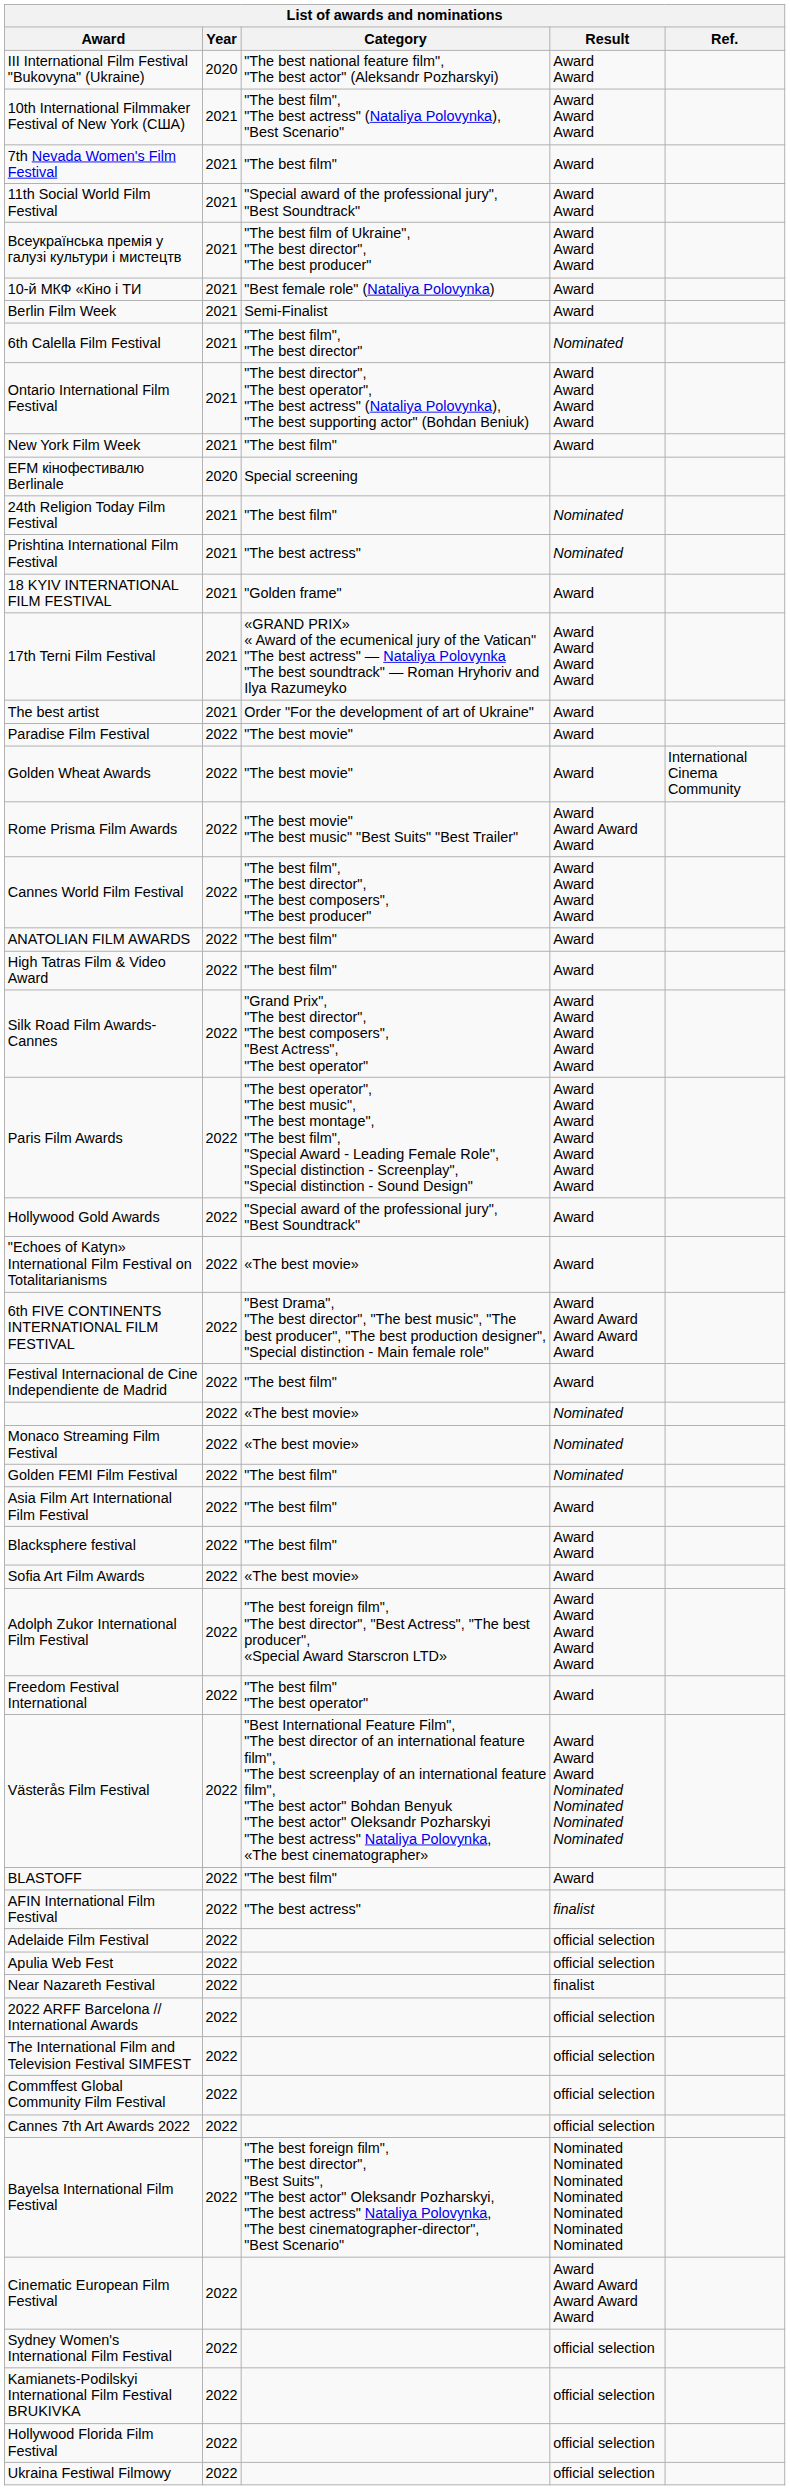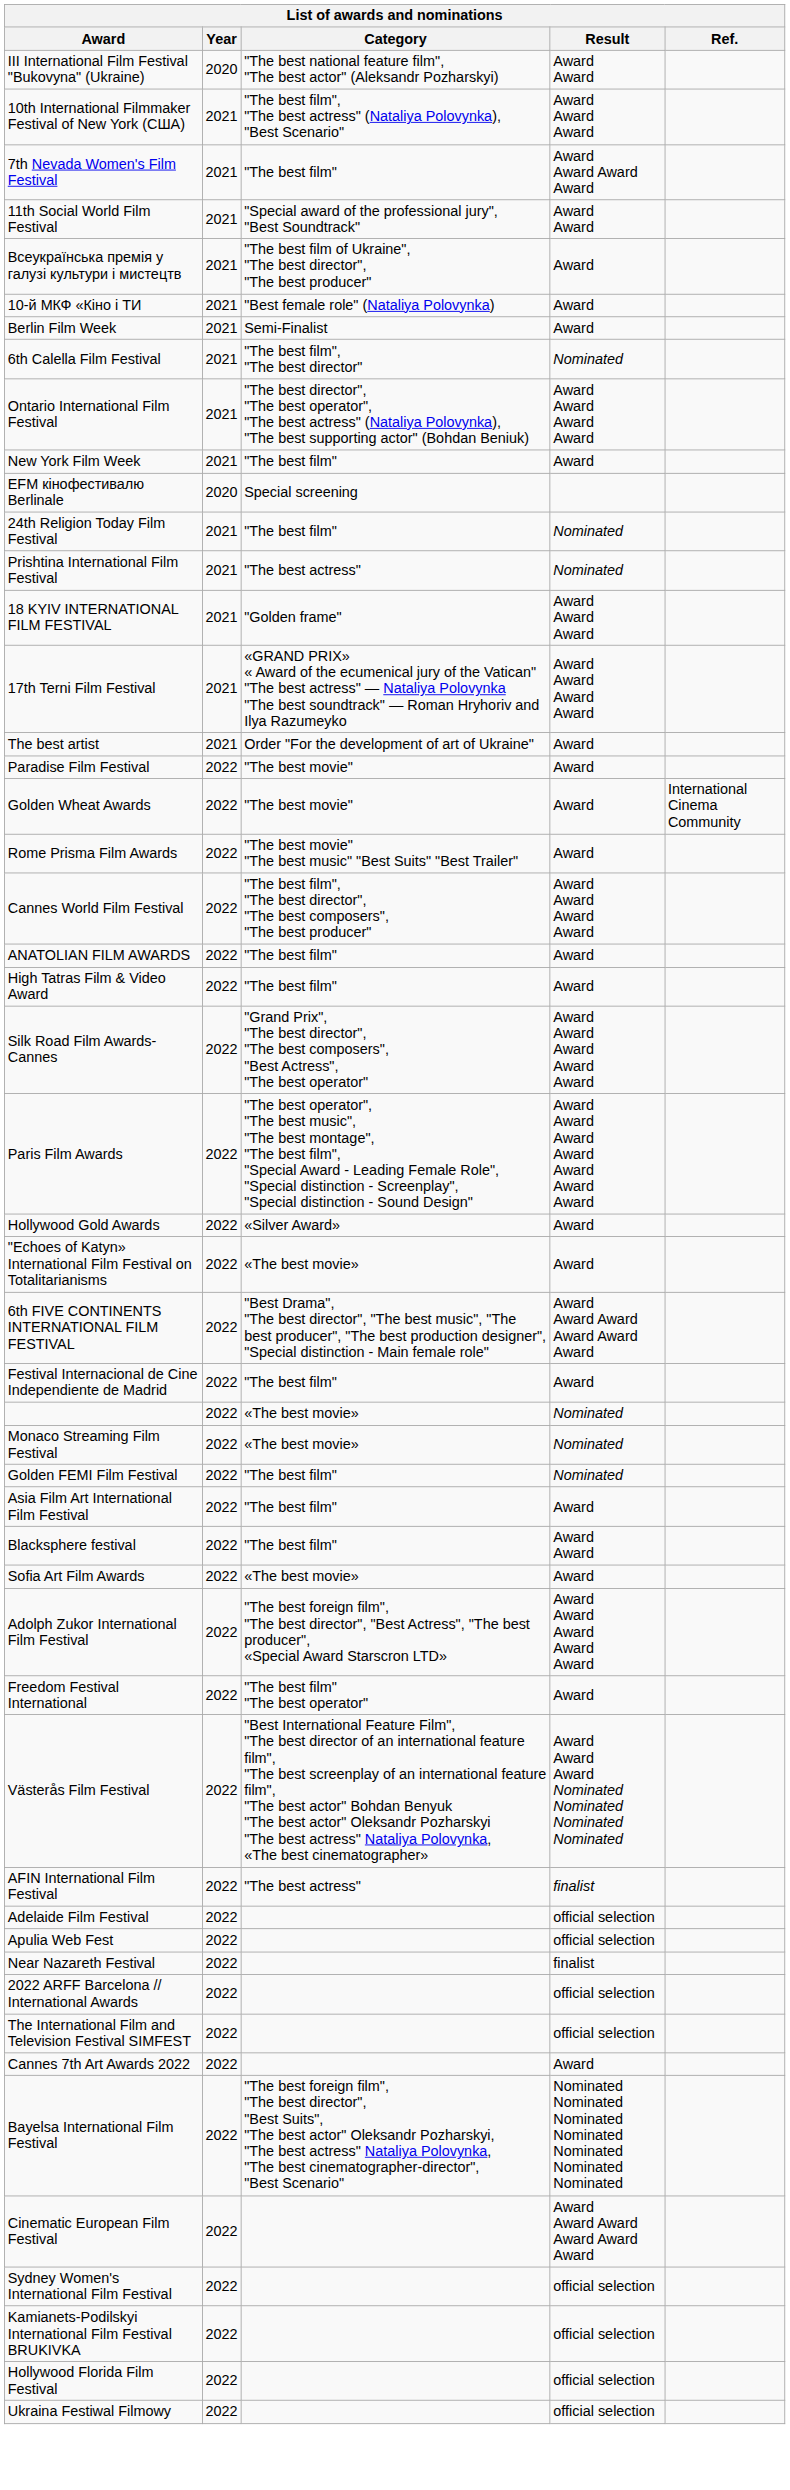 <table class="wikitable sortable">
 <tr>
 <th colspan="5">List of awards and nominations</th>
 </tr>
 <tr>
 <th>Award</th>
 <th>Year</th>
 <th>Category</th>
 <th>Result</th>
 <th>Ref.</th>
 </tr>
 <tr>
 <td>III International Film Festival "Bukovyna" (Ukraine)</td>
 <td>2020</td>
 <td>"The best national feature film",<br>"The best actor" (Aleksandr Pozharskyi)</td>
 <td>Award<br>Award</td>
 <td></td>
 </tr>
 <tr>
 <td>10th International Filmmaker Festival of New York (США)</td>
 <td>2021</td>
 <td>"The best film",<br>"The best actress" (<a href='#'>Nataliya Polovynka</a>),<br>"Best Scenario"</td>
 <td>Award<br>Award<br>Award</td>
 <td></td>
 </tr>
 <tr>
 <td>7th <a href='#'>Nevada Women's Film Festival</a></td>
 <td>2021</td>
 <td>"The best film"</td>
-<td>Award</td>
+<td>Award<br>Award Award Award</td>
 <td></td>
 </tr>
 <tr>
 <td>11th Social World Film Festival</td>
 <td>2021</td>
 <td>"Special award of the professional jury",<br>"Best Soundtrack"</td>
 <td>Award<br>Award</td>
 <td></td>
 </tr>
 <tr>
 <td>Всеукраїнська премія у галузі культури і мистецтв</td>
 <td>2021</td>
 <td>"The best film of Ukraine",<br>"The best director",<br>"The best producer"</td>
-<td>Award<br>Award<br>Award</td>
+<td>Award</td>
 <td></td>
 </tr>
 <tr>
 <td>10-й МКФ «Кіно і ТИ</td>
 <td>2021</td>
 <td>"Best female role" (<a href='#'>Nataliya Polovynka</a>)</td>
 <td>Award</td>
 <td></td>
 </tr>
 <tr>
 <td>Berlin Film Week</td>
 <td>2021</td>
 <td>Semi-Finalist</td>
 <td>Award</td>
 <td></td>
 </tr>
 <tr>
 <td>6th Calella Film Festival</td>
 <td>2021</td>
 <td>"The best film",<br>"The best director"</td>
 <td><em>Nominated</em></td>
 <td></td>
 </tr>
 <tr>
 <td>Ontario International Film Festival</td>
 <td>2021</td>
 <td>"The best director",<br>"The best operator",<br>"The best actress" (<a href='#'>Nataliya Polovynka</a>),<br>"The best supporting actor" (Bohdan Beniuk)</td>
 <td>Award<br>Award<br>Award<br>Award</td>
 <td></td>
 </tr>
 <tr>
 <td>New York Film Week</td>
 <td>2021</td>
 <td>"The best film"</td>
 <td>Award</td>
 <td></td>
 </tr>
 <tr>
 <td>EFM кінофестивалю Berlinale</td>
 <td>2020</td>
 <td>Special screening</td>
 <td></td>
 <td></td>
 </tr>
 <tr>
 <td>24th Religion Today Film Festival</td>
 <td>2021</td>
 <td>"The best film"</td>
 <td><em>Nominated</em></td>
 <td></td>
 </tr>
 <tr>
 <td>Prishtina International Film Festival</td>
 <td>2021</td>
 <td>"The best actress"</td>
 <td><em>Nominated</em></td>
 <td></td>
 </tr>
 <tr>
 <td 18th KINOLITOPYS>18 KYIV INTERNATIONAL FILM FESTIVAL</td>
 <td>2021</td>
 <td>"Golden frame"</td>
-<td>Award</td>
+<td>Award<br>Award<br>Award</td>
 <td></td>
 </tr>
 <tr>
 <td>17th Terni Film Festival</td>
 <td>2021</td>
 <td>«GRAND PRIX»<br>« Award of the ecumenical jury of the Vatican"<br>"The best actress" — <a href='#'>Nataliya Polovynka</a><br>"The best soundtrack" — Roman Hryhoriv and Ilya Razumeyko</td>
 <td>Award<br>Award<br>Award<br>Award</td>
 <td></td>
 </tr>
 <tr>
 <td>The best artist</td>
 <td>2021</td>
 <td>Order "For the development of art of Ukraine"</td>
 <td>Award</td>
 <td></td>
 </tr>
 <tr>
 <td>Paradise Film Festival</td>
 <td>2022</td>
 <td>"The best movie"</td>
 <td>Award</td>
 <td></td>
 </tr>
 <tr>
 <td>Golden Wheat Awards</td>
 <td>2022</td>
 <td>"The best movie"</td>
 <td>Award</td>
 <td>International Cinema Community</td>
 </tr>
 <tr>
 <td>Rome Prisma Film Awards</td>
 <td>2022</td>
 <td>"The best movie"<br>"The best music" "Best Suits" "Best Trailer"</td>
-<td>Award<br>Award Award Award</td>
+<td>Award</td>
 <td></td>
 </tr>
 <tr>
 <td>Cannes World Film Festival</td>
 <td>2022</td>
 <td>"The best film",<br>"The best director",<br>"The best composers",<br>"The best producer"</td>
 <td>Award<br>Award<br>Award<br>Award</td>
 <td></td>
 </tr>
 <tr>
 <td>ANATOLIAN FILM AWARDS</td>
 <td>2022</td>
 <td>"The best film"</td>
 <td>Award</td>
 <td></td>
 </tr>
 <tr>
 <td>High Tatras Film & Video Award</td>
 <td>2022</td>
 <td>"The best film"</td>
 <td>Award</td>
 <td></td>
 </tr>
 <tr>
 <td>Silk Road Film Awards-Cannes</td>
 <td>2022</td>
 <td>"Grand Prix",<br>"The best director",<br>"The best composers",<br>"Best Actress",<br>"The best operator"</td>
 <td>Award<br>Award<br>Award<br>Award<br>Award</td>
 <td></td>
 </tr>
 <tr>
 <td>Paris Film Awards</td>
 <td>2022</td>
 <td>"The best operator",<br>"The best music",<br>"The best montage",<br>"The best film",<br>"Special Award - Leading Female Role",<br>"Special distinction - Screenplay",<br>"Special distinction - Sound Design"</td>
 <td>Award<br>Award<br>Award<br>Award<br>Award<br>Award<br>Award</td>
 <td></td>
 </tr>
 <tr>
 <td>Hollywood Gold Awards</td>
 <td>2022</td>
-<td>"Special award of the professional jury",<br>"Best Soundtrack"</td>
+<td>«Silver Award»</td>
 <td>Award</td>
 <td></td>
 </tr>
 <tr>
 <td>"Echoes of Katyn» International Film Festival on Totalitarianisms</td>
 <td>2022</td>
 <td>«The best movie»</td>
 <td>Award</td>
 <td></td>
 </tr>
 <tr>
 <td>6th FIVE CONTINENTS INTERNATIONAL FILM FESTIVAL</td>
 <td>2022</td>
 <td>"Best Drama",<br>"The best director", "The best music", "The best producer", "The best production designer", "Special distinction - Main female role"</td>
 <td>Award<br>Award Award Award Award Award</td>
 <td></td>
 </tr>
 <tr>
 <td>Festival Internacional de Cine Independiente de Madrid</td>
 <td>2022</td>
 <td>"The best film"</td>
 <td>Award</td>
 <td></td>
 </tr>
 <tr>
 <td></td>
 <td>2022</td>
 <td>«The best movie»</td>
 <td><em>Nominated</em></td>
 <td></td>
 </tr>
 <tr>
 <td>Monaco Streaming Film Festival</td>
 <td>2022</td>
 <td>«The best movie»</td>
 <td><em>Nominated</em></td>
 <td></td>
 </tr>
 <tr>
 <td>Golden FEMI Film Festival</td>
 <td>2022</td>
 <td>"The best film"</td>
 <td><em>Nominated</em></td>
 <td></td>
 </tr>
 <tr>
 <td>Asia Film Art International Film Festival</td>
 <td>2022</td>
 <td>"The best film"</td>
 <td>Award</td>
 <td></td>
 </tr>
 <tr>
 <td>Blacksphere festival</td>
 <td>2022</td>
 <td>"The best film"</td>
 <td>Award<br>Award</td>
 <td></td>
 </tr>
 <tr>
 <td>Sofia Art Film Awards</td>
 <td>2022</td>
 <td>«The best movie»</td>
 <td>Award</td>
 <td></td>
 </tr>
 <tr>
 <td>Adolph Zukor International Film Festival</td>
 <td>2022</td>
 <td>"The best foreign film",<br>"The best director", "Best Actress", "The best producer",<br>«Special Award Starscron LTD»</td>
 <td>Award<br>Award<br>Award<br>Award<br>Award</td>
 <td></td>
 </tr>
 <tr>
 <td>Freedom Festival International</td>
 <td>2022</td>
 <td>"The best film"<br>"The best operator"</td>
 <td>Award</td>
 <td></td>
 </tr>
 <tr>
 <td>Västerås Film Festival</td>
 <td>2022</td>
 <td>"Best International Feature Film",<br>"The best director of an international feature film",<br>"The best screenplay of an international feature film",<br>"The best actor" Bohdan Benyuk<br>"The best actor" Oleksandr Pozharskyi<br>"The best actress" <a href='#'>Nataliya Polovynka</a>,<br>«The best cinematographer»</td>
 <td>Award<br>Award<br>Award<br><em>Nominated</em><br><em>Nominated</em><br><em>Nominated</em><br><em>Nominated</em></td>
 <td></td>
 </tr>
 <tr>
-<td>BLASTOFF</td>
-<td>2022</td>
-<td>"The best film"</td>
-<td>Award</td>
-<td></td>
-</tr>
-<tr>
 <td>AFIN International Film Festival</td>
 <td>2022</td>
 <td>"The best actress"</td>
 <td><em>finalist</em></td>
 <td></td>
 </tr>
 <tr>
 <td>Adelaide Film Festival</td>
 <td>2022</td>
 <td></td>
 <td>official selection</td>
 <td></td>
 </tr>
 <tr>
 <td>Apulia Web Fest</td>
 <td>2022</td>
 <td></td>
 <td>official selection</td>
 <td></td>
 </tr>
 <tr>
 <td>Near Nazareth Festival</td>
 <td>2022</td>
 <td></td>
 <td>finalist</td>
 <td></td>
 </tr>
 <tr>
 <td>2022 ARFF Barcelona // International Awards</td>
 <td>2022</td>
 <td></td>
 <td>official selection</td>
 <td></td>
 </tr>
 <tr>
 <td>The International Film and Television Festival SIMFEST</td>
 <td>2022</td>
 <td></td>
 <td>official selection</td>
 <td></td>
 </tr>
 <tr>
-<td>Commffest Global Community Film Festival</td>
-<td>2022</td>
-<td></td>
-<td>official selection</td>
-<td></td>
-</tr>
-<tr>
 <td>Cannes 7th Art Awards 2022</td>
 <td>2022</td>
 <td></td>
-<td>official selection</td>
+<td>Award</td>
 <td></td>
 </tr>
 <tr>
 <td>Bayelsa International Film Festival</td>
 <td>2022</td>
 <td>"The best foreign film",<br>"The best director",<br>"Best Suits",<br>"The best actor" Oleksandr Pozharskyi,<br>"The best actress" <a href='#'>Nataliya Polovynka</a>,<br>"The best cinematographer-director",<br>"Best Scenario"</td>
 <td>Nominated<br>Nominated<br>Nominated<br>Nominated<br>Nominated<br>Nominated<br>Nominated</td>
 <td></td>
 </tr>
 <tr>
 <td>Cinematic European Film Festival</td>
 <td>2022</td>
 <td></td>
 <td>Award<br>Award Award Award Award Award</td>
 <td></td>
 </tr>
 <tr>
 <td>Sydney Women's International Film Festival</td>
 <td>2022</td>
 <td></td>
 <td>official selection</td>
 <td></td>
 </tr>
 <tr>
 <td>Kamianets-Podilskyi International Film Festival BRUKIVKA</td>
 <td>2022</td>
 <td></td>
 <td>official selection</td>
 <td></td>
 </tr>
 <tr>
 <td>Hollywood Florida Film Festival</td>
 <td>2022</td>
 <td></td>
 <td>official selection</td>
 <td></td>
 </tr>
 <tr>
 <td>Ukraina Festiwal Filmowy</td>
 <td>2022</td>
 <td></td>
 <td>official selection</td>
 <td></td>
 </tr>
 </table>
